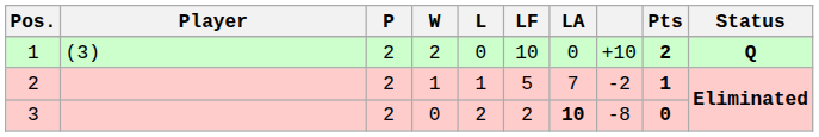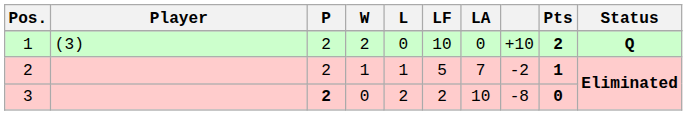 <table class="wikitable" style="text-align:center; margin: 1em auto 1em auto, align:left">
 <tr>
 <th width=25>Pos.</th>
 <th width=200>Player</th>
 <th width=25>P</th>
 <th width=25>W</th>
 <th width=25>L</th>
 <th width=25>LF</th>
 <th width=25>LA</th>
 <th width=25></th>
 <th width=25>Pts</th>
 <th width=75>Status</th>
 </tr>
 <tr>
 </tr>
 <tr style="background:#CCFFCC;">
 <td>1</td>
 <td align=left> (3)</td>
 <td>2</td>
 <td>2</td>
 <td>0</td>
 <td>10</td>
 <td>0</td>
 <td>+10</td>
 <td><strong>2</strong></td>
 <td><strong>Q</strong></td>
 </tr>
 <tr style="background:#FFCCCC;">
 <td>2</td>
 <td align=left></td>
 <td>2</td>
 <td>1</td>
 <td>1</td>
 <td>5</td>
 <td>7</td>
 <td>-2</td>
 <td><strong>1</strong></td>
 <td rowspan=2><strong>Eliminated</strong></td>
 </tr>
 <tr style="background:#FFCCCC;">
 <td>3</td>
 <td align=left></td>
-<td>2</td>
+<td><strong>2</strong></td>
 <td>0</td>
 <td>2</td>
 <td>2</td>
-<td><strong>10</strong></td>
+<td>10</td>
 <td>-8</td>
 <td><strong>0</strong></td>
 </tr>
 </table>
